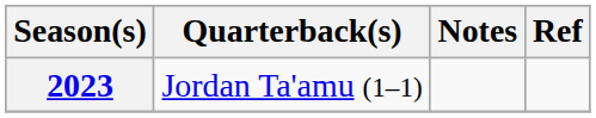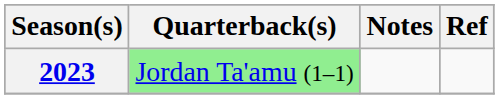 <table class="wikitable plainrowheaders">
 <tr>
 <th>Season(s)</th>
 <th>Quarterback(s)</th>
 <th>Notes</th>
 <th>Ref</th>
 </tr>
 <tr>
 <th scope="row"><a href='#'>2023</a></th>
-<td><a href='#'>Jordan Ta'amu</a> <small>(1–1)</small></td>
+<td style="background: lightgreen;"><a href='#'>Jordan Ta'amu</a> <small>(1–1)</small></td>
 <td></td>
 <td></td>
 </tr>
 <tr>
 </tr>
 </table>
